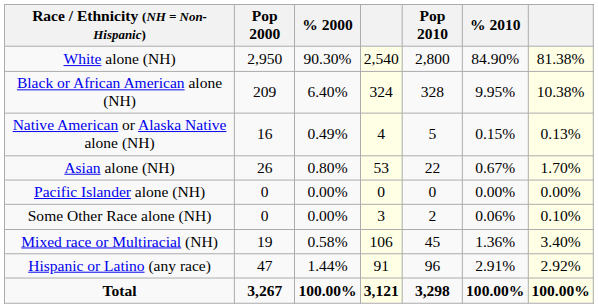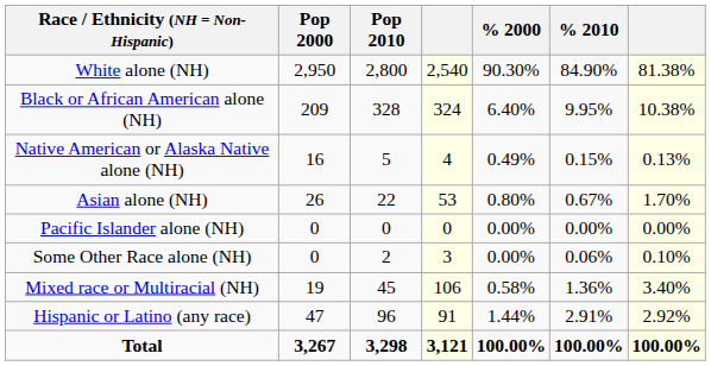 <table class="wikitable" style="text-align:center;">
 <tr>
 <th>Race / Ethnicity <small>(<em>NH = Non-Hispanic</em>)</small></th>
 <th>Pop 2000</th>
+<th>Pop 2010</th>
+<th></th>
 <th>% 2000</th>
-<th></th>
-<th>Pop 2010</th>
 <th>% 2010</th>
 <th></th>
 </tr>
 <tr>
 <td><a href='#'>White</a> alone (NH)</td>
 <td>2,950</td>
+<td>2,800</td>
+<td style='background: #ffffe6;'>2,540</td>
 <td>90.30%</td>
-<td style='background: #ffffe6;'>2,540</td>
-<td>2,800</td>
 <td>84.90%</td>
 <td style='background: #ffffe6;'>81.38%</td>
 </tr>
 <tr>
 <td><a href='#'>Black or African American</a> alone (NH)</td>
 <td>209</td>
+<td>328</td>
+<td style='background: #ffffe6;'>324</td>
 <td>6.40%</td>
-<td style='background: #ffffe6;'>324</td>
-<td>328</td>
 <td>9.95%</td>
 <td style='background: #ffffe6;'>10.38%</td>
 </tr>
 <tr>
 <td><a href='#'>Native American</a> or <a href='#'>Alaska Native</a> alone (NH)</td>
 <td>16</td>
+<td>5</td>
+<td style='background: #ffffe6;'>4</td>
 <td>0.49%</td>
-<td style='background: #ffffe6;'>4</td>
-<td>5</td>
 <td>0.15%</td>
 <td style='background: #ffffe6;'>0.13%</td>
 </tr>
 <tr>
 <td><a href='#'>Asian</a> alone (NH)</td>
 <td>26</td>
+<td>22</td>
+<td style='background: #ffffe6;'>53</td>
 <td>0.80%</td>
-<td style='background: #ffffe6;'>53</td>
-<td>22</td>
 <td>0.67%</td>
 <td style='background: #ffffe6;'>1.70%</td>
 </tr>
 <tr>
 <td><a href='#'>Pacific Islander</a> alone (NH)</td>
 <td>0</td>
+<td>0</td>
+<td style='background: #ffffe6;'>0</td>
 <td>0.00%</td>
-<td style='background: #ffffe6;'>0</td>
-<td>0</td>
 <td>0.00%</td>
 <td style='background: #ffffe6;'>0.00%</td>
 </tr>
 <tr>
 <td>Some Other Race alone (NH)</td>
 <td>0</td>
+<td>2</td>
+<td style='background: #ffffe6;'>3</td>
 <td>0.00%</td>
-<td style='background: #ffffe6;'>3</td>
-<td>2</td>
 <td>0.06%</td>
 <td style='background: #ffffe6;'>0.10%</td>
 </tr>
 <tr>
 <td><a href='#'>Mixed race or Multiracial</a> (NH)</td>
 <td>19</td>
+<td>45</td>
+<td style='background: #ffffe6;'>106</td>
 <td>0.58%</td>
-<td style='background: #ffffe6;'>106</td>
-<td>45</td>
 <td>1.36%</td>
 <td style='background: #ffffe6;'>3.40%</td>
 </tr>
 <tr>
 <td><a href='#'>Hispanic or Latino</a> (any race)</td>
 <td>47</td>
+<td>96</td>
+<td style='background: #ffffe6;'>91</td>
 <td>1.44%</td>
-<td style='background: #ffffe6;'>91</td>
-<td>96</td>
 <td>2.91%</td>
 <td style='background: #ffffe6;'>2.92%</td>
 </tr>
 <tr>
 <td><strong>Total</strong></td>
 <td><strong>3,267</strong></td>
+<td><strong>3,298</strong></td>
+<td style='background: #ffffe6;'><strong>3,121</strong></td>
 <td><strong>100.00%</strong></td>
-<td style='background: #ffffe6;'><strong>3,121</strong></td>
-<td><strong>3,298</strong></td>
 <td><strong>100.00%</strong></td>
 <td style='background: #ffffe6;'><strong>100.00%</strong></td>
 </tr>
 </table>
